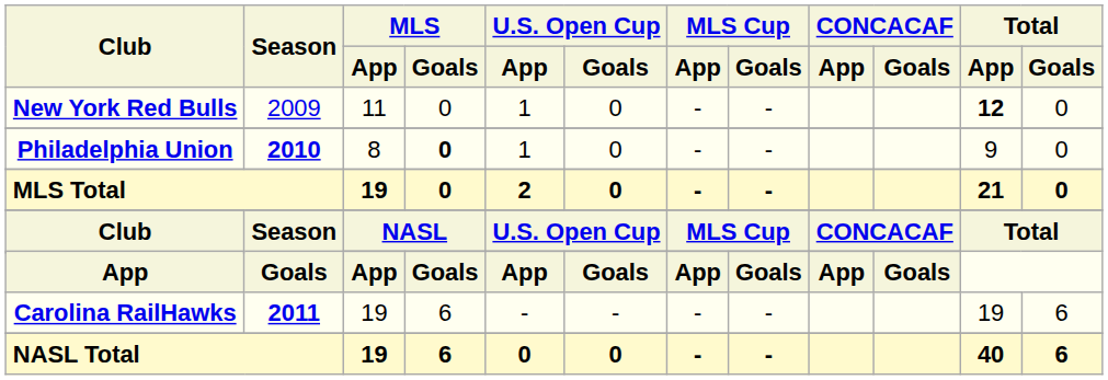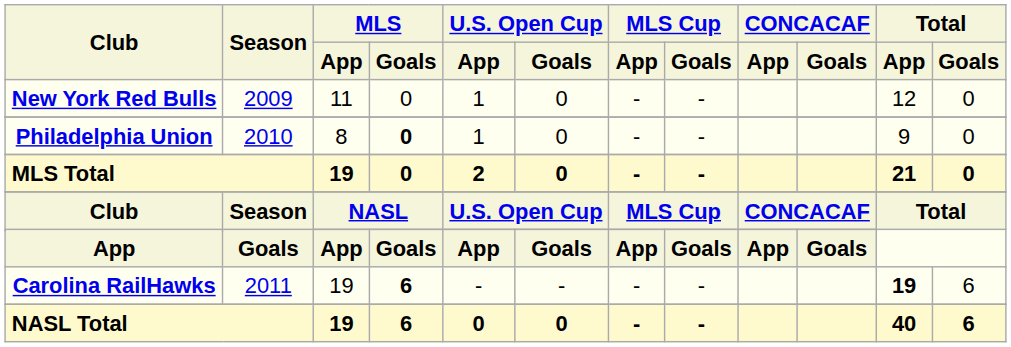 <table border=1 align=center cellpadding=4 cellspacing=2 style="background: ivory; font-size: 95%; border: 1px #aaaaaa solid; border-collapse: collapse; clear:center">
 <tr style="background:beige">
 <th rowspan="2">Club</th>
 <th rowspan="2">Season</th>
 <th colspan="2"><a href='#'>MLS</a></th>
 <th colspan="2"><a href='#'>U.S. Open Cup</a></th>
 <th colspan="2"><a href='#'>MLS Cup</a></th>
 <th colspan="2"><a href='#'>CONCACAF</a></th>
 <th colspan="2">Total</th>
 </tr>
 <tr style="background:beige">
 <th>App</th>
 <th>Goals</th>
 <th>App</th>
 <th>Goals</th>
 <th>App</th>
 <th>Goals</th>
 <th>App</th>
 <th>Goals</th>
 <th>App</th>
 <th>Goals</th>
 </tr>
 <tr>
 <td rowspan="1" align=center valign=center><strong><a href='#'>New York Red Bulls</a></strong><br></td>
 <td align="center"><a href='#'>2009</a></td>
 <td align="center">11</td>
 <td align="center">0</td>
 <td align="center">1</td>
 <td align="center">0</td>
 <td align="center">-</td>
 <td align="center">-</td>
 <td align="center"></td>
 <td align="center"></td>
-<td align="center"><strong>12</strong></td>
+<td align="center">12</td>
 <td align="center">0</td>
 </tr>
 <tr>
 </tr>
 <tr>
 <td rowspan="1" align=center valign=center><strong><a href='#'>Philadelphia Union</a></strong><br></td>
-<td align="center"><strong><a href='#'>2010</a></strong></td>
+<td align="center"><a href='#'>2010</a></td>
 <td align="center">8</td>
 <td align="center"><strong>0</strong></td>
 <td align="center">1</td>
 <td align="center">0</td>
 <td align="center">-</td>
 <td align="center">-</td>
 <td align="center"></td>
 <td align="center"></td>
 <td align="center">9</td>
 <td align="center">0</td>
 </tr>
 <tr>
 </tr>
 <tr style="background:lemonchiffon">
 <th colspan="2" align="left">MLS Total</th>
 <th>19</th>
 <th>0</th>
 <th>2</th>
 <th>0</th>
 <th>-</th>
 <th>-</th>
 <th></th>
 <th></th>
 <th>21</th>
 <th>0</th>
 </tr>
 <tr>
 </tr>
 <tr style="background:beige">
 <th rowspan="2">Club</th>
 <th rowspan="2">Season</th>
 <th colspan="2"><a href='#'>NASL</a></th>
 <th colspan="2"><a href='#'>U.S. Open Cup</a></th>
 <th colspan="2"><a href='#'>MLS Cup</a></th>
 <th colspan="2"><a href='#'>CONCACAF</a></th>
 <th colspan="2">Total</th>
 </tr>
 <tr>
 </tr>
 <tr style="background:beige">
 <th>App</th>
 <th>Goals</th>
 <th>App</th>
 <th>Goals</th>
 <th>App</th>
 <th>Goals</th>
 <th>App</th>
 <th>Goals</th>
 <th>App</th>
 <th>Goals</th>
 </tr>
 <tr>
 <td rowspan="1" align=center valign=center><strong><a href='#'>Carolina RailHawks</a></strong><br></td>
-<td align="center"><strong><a href='#'>2011</a></strong></td>
+<td align="center"><a href='#'>2011</a></td>
 <td align="center">19</td>
-<td align="center">6</td>
+<td align="center"><strong>6</strong></td>
 <td align="center">-</td>
 <td align="center">-</td>
 <td align="center">-</td>
 <td align="center">-</td>
 <td align="center"></td>
 <td align="center"></td>
-<td align="center">19</td>
+<td align="center"><strong>19</strong></td>
 <td align="center">6</td>
 </tr>
 <tr>
 </tr>
 <tr style="background:lemonchiffon">
 <th colspan="2" align="left">NASL Total</th>
 <th>19</th>
 <th>6</th>
 <th>0</th>
 <th>0</th>
 <th>-</th>
 <th>-</th>
 <th></th>
 <th></th>
 <th>40</th>
 <th>6</th>
 </tr>
 </table>
